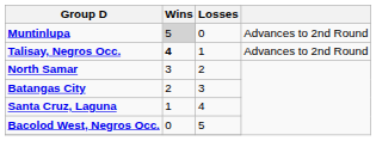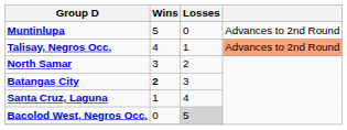 <table class="wikitable">
 <tr align=center>
 <th>Group D</th>
 <th>Wins</th>
 <th>Losses</th>
 <th></th>
 </tr>
 <tr>
 <td><strong><a href='#'>Muntinlupa</a></strong></td>
-<td style="background: lightgrey;">5</td>
+<td>5</td>
 <td>0</td>
 <td>Advances to 2nd Round</td>
 </tr>
 <tr>
 <td><strong><a href='#'>Talisay, Negros Occ.</a></strong></td>
-<td><strong>4</strong></td>
+<td>4</td>
 <td>1</td>
-<td>Advances to 2nd Round</td>
+<td style="background: lightsalmon;">Advances to 2nd Round</td>
 </tr>
 <tr>
 <td><strong><a href='#'>North Samar</a></strong></td>
 <td>3</td>
 <td>2</td>
 </tr>
 <tr>
 <td><strong><a href='#'>Batangas City</a></strong></td>
-<td>2</td>
+<td><strong>2</strong></td>
 <td>3</td>
 </tr>
 <tr>
 <td><strong><a href='#'>Santa Cruz, Laguna</a></strong></td>
 <td>1</td>
 <td>4</td>
 </tr>
 <tr>
 <td><strong><a href='#'>Bacolod West, Negros Occ.</a></strong></td>
 <td>0</td>
-<td>5</td>
+<td style="background: lightgrey;">5</td>
 </tr>
 <tr>
 </tr>
 </table>
